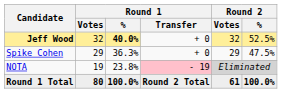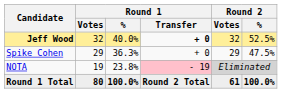 <table class="wikitable" style="text-align:right;">
 <tr>
 <th rowspan="2">Candidate</th>
 <th colspan="3">Round 1</th>
 <th colspan="3">Round 2</th>
 </tr>
 <tr>
 <th>Votes</th>
 <th>%</th>
 <th>Transfer</th>
 <th>Votes</th>
 <th>%</th>
 </tr>
 <tr>
 <td style="background:#ffef99;"><strong>Jeff Wood</strong></td>
 <td style="background:#ffef99;">32</td>
-<td style="background:#ffef99;"><strong>40.0%</strong></td>
-<td>+ 0</td>
+<td style="background:#ffef99;">40.0%</td>
+<td><strong>+ 0</strong></td>
 <td style="background:#ffef99;">32</td>
 <td style="background:#ffef99;">52.5%</td>
 </tr>
 <tr>
 <td style="text-align:left;"><a href='#'>Spike Cohen</a></td>
 <td>29</td>
 <td>36.3%</td>
 <td>+ 0</td>
 <td>29</td>
 <td>47.5%</td>
 </tr>
 <tr>
 <td style="text-align:left;"><a href='#'>NOTA</a></td>
 <td>19</td>
 <td>23.8%</td>
 <td BGCOLOR=pink>- 19</td>
 <td colspan="8" bgcolor="lightgray" align="center"><em>Eliminated</em></td>
 </tr>
 <tr style="background:#eee;">
 <td style="margin-right:0.50px"><strong>Round 1 Total</strong></td>
 <td style="margin-right:0.50px"><strong>80</strong></td>
 <td style="margin-right:0.50px"><strong>100.0%</strong></td>
 <td style="margin-right:0.50px"><strong>Round 2 Total</strong></td>
 <td style="margin-right:0.50px"><strong>61</strong></td>
 <td style="margin-right:0.50px"><strong>100.0%</strong></td>
 </tr>
 </table>
